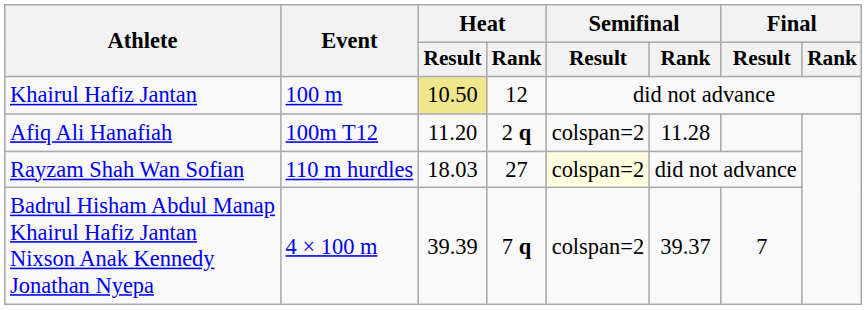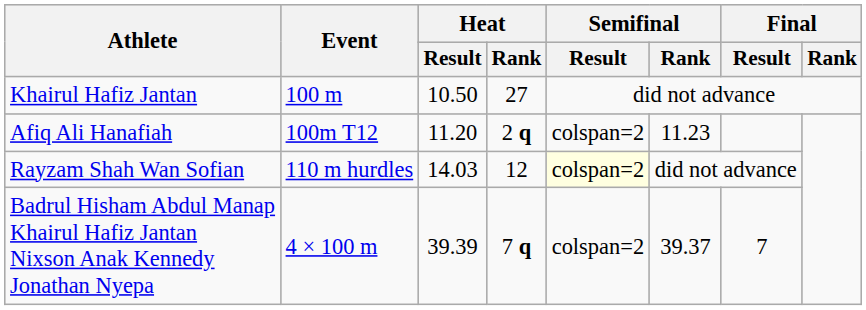 <table class="wikitable" style="font-size:90%">
 <tr>
 <th rowspan=2>Athlete</th>
 <th rowspan=2>Event</th>
 <th colspan=2>Heat</th>
 <th colspan=2>Semifinal</th>
 <th colspan=2>Final</th>
 </tr>
 <tr style="font-size:95%">
 <th>Result</th>
 <th>Rank</th>
 <th>Result</th>
 <th>Rank</th>
 <th>Result</th>
 <th>Rank</th>
 </tr>
 <tr align=center>
 <td align=left><a href='#'>Khairul Hafiz Jantan</a></td>
 <td align=left><a href='#'>100 m</a></td>
-<td style="background: khaki;">10.50</td>
-<td>12</td>
+<td>10.50</td>
+<td>27</td>
 <td colspan=4>did not advance</td>
 </tr>
 <tr align=center>
 <td align=left><a href='#'>Afiq Ali Hanafiah</a></td>
 <td align=left><a href='#'>100m T12</a></td>
 <td>11.20</td>
 <td>2 <strong>q</strong></td>
 <td>colspan=2</td>
-<td>11.28</td>
+<td>11.23</td>
 <td></td>
 </tr>
 <tr align=center>
 <td align=left><a href='#'>Rayzam Shah Wan Sofian</a></td>
 <td align=left><a href='#'>110 m hurdles</a></td>
-<td>18.03</td>
-<td>27</td>
+<td>14.03</td>
+<td>12</td>
 <td style="background: lightyellow;">colspan=2</td>
 <td colspan=2>did not advance</td>
 </tr>
 <tr align=center>
 <td align=left><a href='#'>Badrul Hisham Abdul Manap</a><br><a href='#'>Khairul Hafiz Jantan</a><br><a href='#'>Nixson Anak Kennedy</a><br><a href='#'>Jonathan Nyepa</a></td>
 <td align=left><a href='#'>4 × 100 m</a></td>
 <td>39.39</td>
 <td>7 <strong>q</strong></td>
 <td>colspan=2</td>
 <td>39.37</td>
 <td>7</td>
 </tr>
 </table>
